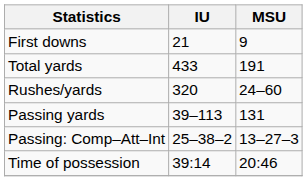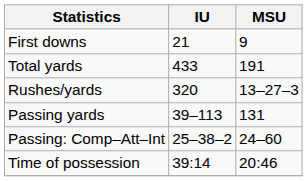 <table class="wikitable" style="float: left;">
 <tr>
 <th>Statistics</th>
 <th>IU</th>
 <th>MSU</th>
 </tr>
 <tr>
 <td>First downs</td>
 <td>21</td>
 <td>9</td>
 </tr>
 <tr>
 <td>Total yards</td>
 <td>433</td>
 <td>191</td>
 </tr>
 <tr>
 <td>Rushes/yards</td>
 <td>320</td>
-<td>24–60</td>
+<td>13–27–3</td>
 </tr>
 <tr>
 <td>Passing yards</td>
 <td>39–113</td>
 <td>131</td>
 </tr>
 <tr>
 <td>Passing: Comp–Att–Int</td>
 <td>25–38–2</td>
-<td>13–27–3</td>
+<td>24–60</td>
 </tr>
 <tr>
 <td>Time of possession</td>
 <td>39:14</td>
 <td>20:46</td>
 </tr>
 <tr>
 </tr>
 </table>
